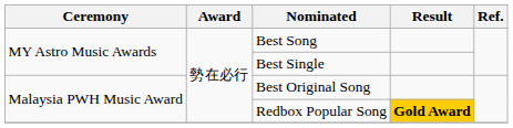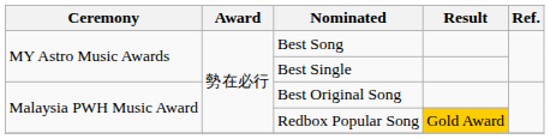 <table class="wikitable sortable">
 <tr>
 <th>Ceremony</th>
 <th>Award</th>
 <th>Nominated</th>
 <th>Result</th>
 <th>Ref.</th>
 </tr>
 <tr>
 <td rowspan="2">MY Astro Music Awards</td>
 <td rowspan="4">勢在必行</td>
 <td>Best Song</td>
 <td></td>
 <td rowspan="2"></td>
 </tr>
 <tr>
 <td>Best Single</td>
 <td></td>
 </tr>
 <tr>
 <td rowspan="2">Malaysia PWH Music Award</td>
 <td>Best Original Song</td>
 <td></td>
 <td rowspan="2"></td>
 </tr>
 <tr>
 <td>Redbox Popular Song</td>
-<td style="background:#fc0;"><strong><div>Gold Award</div></strong></td>
+<td style="background:#fc0;"><div>Gold Award</div></td>
 </tr>
 <tr>
 </tr>
 </table>
